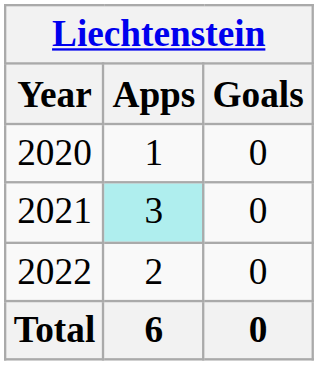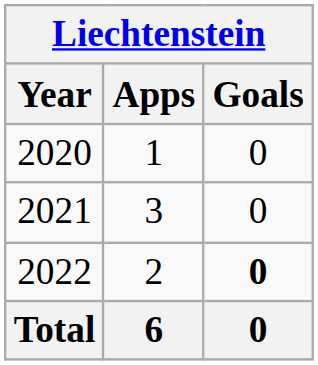 <table class="wikitable" style="text-align:center">
 <tr>
 <th colspan=3><a href='#'>Liechtenstein</a></th>
 </tr>
 <tr>
 <th>Year</th>
 <th>Apps</th>
 <th>Goals</th>
 </tr>
 <tr>
 <td>2020</td>
 <td>1</td>
 <td>0</td>
 </tr>
 <tr>
 <td>2021</td>
-<td style="background: paleturquoise;">3</td>
+<td>3</td>
 <td>0</td>
 </tr>
 <tr>
 <td>2022</td>
 <td>2</td>
-<td>0</td>
+<td><strong>0</strong></td>
 </tr>
 <tr>
 <th>Total</th>
 <th>6</th>
 <th>0</th>
 </tr>
 </table>
